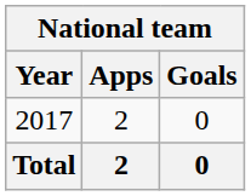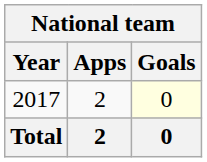 <table class="wikitable" style="text-align:center">
 <tr>
 <th colspan=3>National team</th>
 </tr>
 <tr>
 <th>Year</th>
 <th>Apps</th>
 <th>Goals</th>
 </tr>
 <tr>
 <td>2017</td>
 <td>2</td>
-<td>0</td>
+<td style="background: lightyellow;">0</td>
 </tr>
 <tr>
 <th>Total</th>
 <th>2</th>
 <th>0</th>
 </tr>
 </table>
